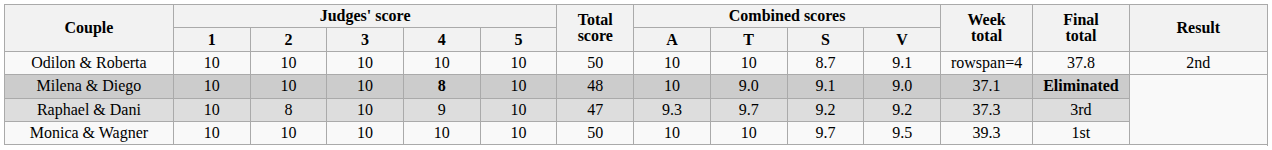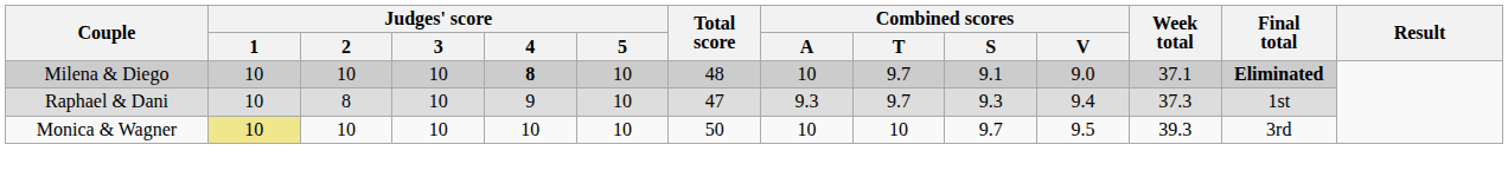 <table class="wikitable" style="font-size:100%; line-height:16px; text-align:center" width="100%">
 <tr>
 <th rowspan=2 width="11.00%">Couple</th>
 <th colspan=5 width="25.00%">Judges' score</th>
 <th rowspan=2 width="05.00%">Total<br>score</th>
 <th colspan=4 width="20.00%">Combined scores</th>
 <th rowspan=2 width="05.00%">Week<br>total</th>
 <th rowspan=2 width="05.00%">Final<br>total</th>
 <th rowspan=2 width="09.00%">Result</th>
 </tr>
 <tr>
 <th width="05.00%">1</th>
 <th width="05.00%">2</th>
 <th width="05.00%">3</th>
 <th width="05.00%">4</th>
 <th width="05.00%">5</th>
 <th width="05.00%">A</th>
 <th width="05.00%">T</th>
 <th width="05.00%">S</th>
 <th width="05.00%">V</th>
 </tr>
-<tr>
-<td>Odilon & Roberta</td>
-<td>10</td>
-<td>10</td>
-<td>10</td>
-<td>10</td>
-<td>10</td>
-<td>50</td>
-<td>10</td>
-<td>10</td>
-<td>8.7</td>
-<td>9.1</td>
-<td>rowspan=4 </td>
-<td>37.8</td>
-<td>2nd</td>
-</tr>
 <tr bgcolor="CCCCCC">
 <td>Milena & Diego</td>
 <td>10</td>
 <td>10</td>
 <td>10</td>
 <td><strong>8</strong></td>
 <td>10</td>
 <td>48</td>
 <td>10</td>
-<td>9.0</td>
+<td>9.7</td>
 <td>9.1</td>
 <td>9.0</td>
 <td>37.1</td>
 <td><strong>Eliminated</strong></td>
 </tr>
 <tr bgcolor="DDDDDD">
 <td>Raphael & Dani</td>
 <td>10</td>
 <td>8</td>
 <td>10</td>
 <td>9</td>
 <td>10</td>
 <td>47</td>
 <td>9.3</td>
 <td>9.7</td>
-<td>9.2</td>
-<td>9.2</td>
+<td>9.3</td>
+<td>9.4</td>
 <td>37.3</td>
-<td>3rd</td>
+<td>1st</td>
 </tr>
 <tr>
 <td>Monica & Wagner</td>
-<td>10</td>
+<td style="background: khaki;">10</td>
 <td>10</td>
 <td>10</td>
 <td>10</td>
 <td>10</td>
 <td>50</td>
 <td>10</td>
 <td>10</td>
 <td>9.7</td>
 <td>9.5</td>
 <td>39.3</td>
-<td>1st</td>
+<td>3rd</td>
 </tr>
 <tr>
 </tr>
 </table>
